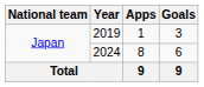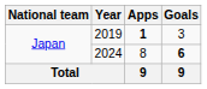 <table class="wikitable" style="text-align:center">
 <tr>
 <th>National team</th>
 <th>Year</th>
 <th>Apps</th>
 <th>Goals</th>
 </tr>
 <tr>
 <td rowspan="2"><a href='#'>Japan</a></td>
 <td>2019</td>
-<td>1</td>
+<td><strong>1</strong></td>
 <td>3</td>
 </tr>
 <tr>
 <td>2024</td>
 <td>8</td>
-<td>6</td>
+<td><strong>6</strong></td>
 </tr>
 <tr>
 <th colspan="2">Total</th>
 <th>9</th>
 <th>9</th>
 </tr>
 </table>
